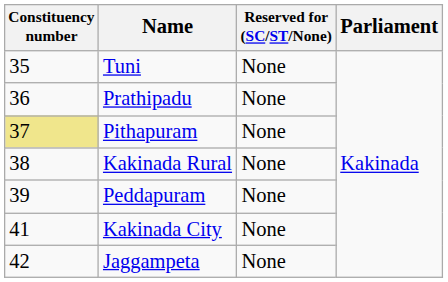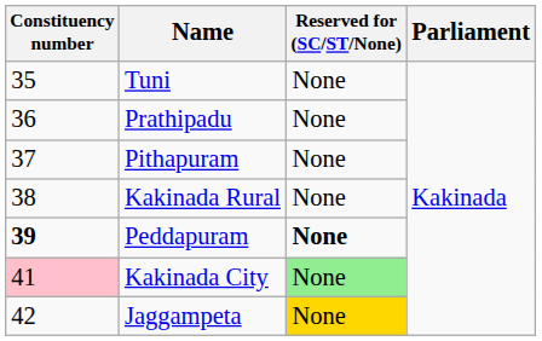 <table class="wikitable sortable">
 <tr>
 <th width="50px" style="font-size:75%">Constituency number</th>
 <th>Name</th>
 <th style="font-size:75%">Reserved for<br>(<a href='#'>SC</a>/<a href='#'>ST</a>/None)</th>
 <th>Parliament</th>
 </tr>
 <tr>
 <td>35</td>
 <td><a href='#'>Tuni</a></td>
 <td>None</td>
 <td rowspan="7"><a href='#'>Kakinada</a></td>
 </tr>
 <tr>
 <td>36</td>
 <td><a href='#'>Prathipadu</a></td>
 <td>None</td>
 </tr>
 <tr>
-<td style="background: khaki;">37</td>
+<td>37</td>
 <td><a href='#'>Pithapuram</a></td>
 <td>None</td>
 </tr>
 <tr>
 <td>38</td>
 <td><a href='#'>Kakinada Rural</a></td>
 <td>None</td>
 </tr>
 <tr>
-<td>39</td>
+<td><strong>39</strong></td>
 <td><a href='#'>Peddapuram</a></td>
-<td>None</td>
+<td><strong>None</strong></td>
 </tr>
 <tr>
-<td>41</td>
+<td style="background: pink;">41</td>
 <td><a href='#'>Kakinada City</a></td>
-<td>None</td>
+<td style="background: lightgreen;">None</td>
 </tr>
 <tr>
 <td>42</td>
 <td><a href='#'>Jaggampeta</a></td>
-<td>None</td>
+<td style="background: gold;">None</td>
 </tr>
 </table>
